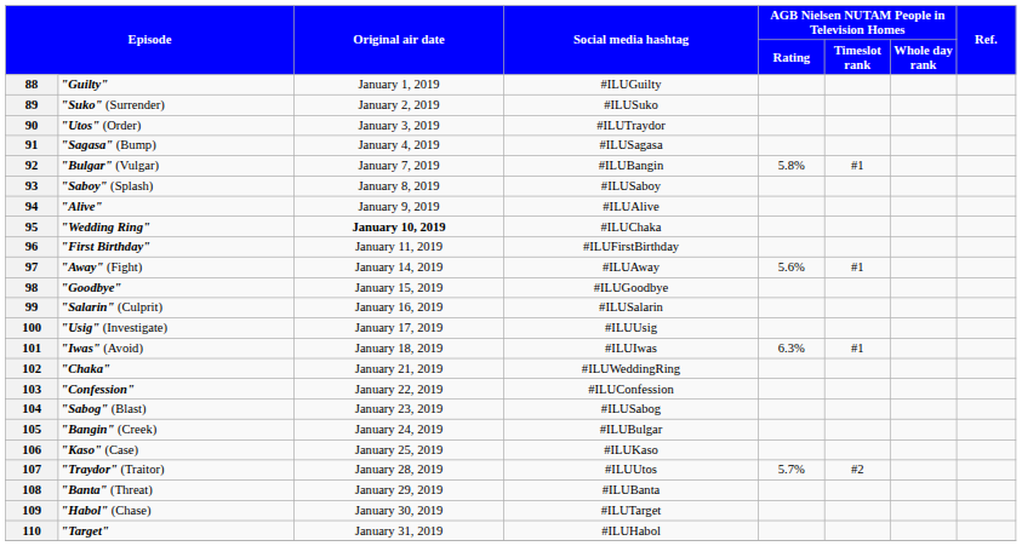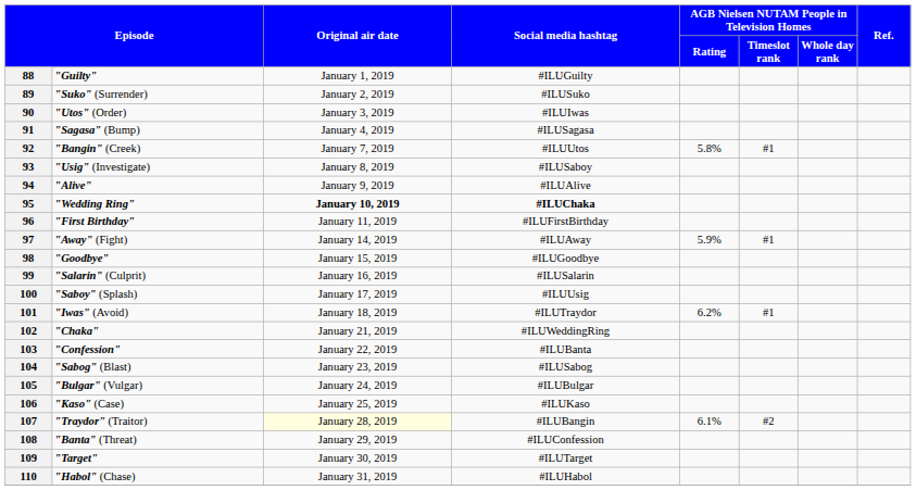 <table class="wikitable" style="text-align:center; font-size:100%; line-height:18px;" width="100%">
 <tr>
 <th style="background-color:#0000FF; color:white;" colspan="2" rowspan="2">Episode</th>
 <th style="background-color:#0000FF; color:white" rowspan="2">Original air date</th>
 <th style="background-color:#0000FF; color:white" rowspan="2">Social media hashtag</th>
 <th style="background-color:#0000FF; color:white;" colspan="3">AGB Nielsen NUTAM People in Television Homes</th>
 <th style="background-color:#0000FF;  color:white;" rowspan="2">Ref.</th>
 </tr>
 <tr>
 <th style="background-color:#0000FF; width:75px; color:white;">Rating</th>
 <th style="background-color:#0000FF;  width:75px; color:white;">Timeslot<br>rank</th>
 <th style="background-color:#0000FF; width:75px; color:white;">Whole day<br>rank</th>
 </tr>
 <tr>
 <th>88</th>
 <td style="text-align: left;"><strong><em>"Guilty"</em></strong></td>
 <td>January 1, 2019</td>
 <td>#ILUGuilty</td>
 <td></td>
 <td></td>
 <td></td>
 <td></td>
 </tr>
 <tr>
 <th>89</th>
 <td style="text-align: left;"><strong><em>"Suko"</em></strong> (Surrender)</td>
 <td>January 2, 2019</td>
 <td>#ILUSuko</td>
 <td></td>
 <td></td>
 <td></td>
 <td></td>
 </tr>
 <tr>
 <th>90</th>
 <td style="text-align: left;"><strong><em>"Utos"</em></strong> (Order)</td>
 <td>January 3, 2019</td>
-<td>#ILUTraydor</td>
+<td>#ILUIwas</td>
 <td></td>
 <td></td>
 <td></td>
 <td></td>
 </tr>
 <tr>
 <th>91</th>
 <td style="text-align: left;"><strong><em>"Sagasa"</em></strong> (Bump)</td>
 <td>January 4, 2019</td>
 <td>#ILUSagasa</td>
 <td></td>
 <td></td>
 <td></td>
 <td></td>
 </tr>
 <tr>
 <th>92</th>
-<td style="text-align: left;"><strong><em>"Bulgar"</em></strong> (Vulgar)</td>
+<td style="text-align: left;"><strong><em>"Bangin"</em></strong> (Creek)</td>
 <td>January 7, 2019</td>
-<td>#ILUBangin</td>
+<td>#ILUUtos</td>
 <td>5.8%</td>
 <td>#1</td>
 <td></td>
 <td></td>
 </tr>
 <tr>
 <th>93</th>
-<td style="text-align: left;"><strong><em>"Saboy"</em></strong> (Splash)</td>
+<td style="text-align: left;"><strong><em>"Usig"</em></strong> (Investigate)</td>
 <td>January 8, 2019</td>
 <td>#ILUSaboy</td>
 <td></td>
 <td></td>
 <td></td>
 <td></td>
 </tr>
 <tr>
 <th>94</th>
 <td style="text-align: left;"><strong><em>"Alive"</em></strong></td>
 <td>January 9, 2019</td>
 <td>#ILUAlive</td>
 <td></td>
 <td></td>
 <td></td>
 <td></td>
 </tr>
 <tr>
 <th>95</th>
 <td style="text-align: left;"><strong><em>"Wedding Ring"</em></strong></td>
 <td><strong>January 10, 2019</strong></td>
-<td>#ILUChaka</td>
+<td><strong>#ILUChaka</strong></td>
 <td></td>
 <td></td>
 <td></td>
 <td></td>
 </tr>
 <tr>
 <th>96</th>
 <td style="text-align: left;"><strong><em>"First Birthday"</em></strong></td>
 <td>January 11, 2019</td>
 <td>#ILUFirstBirthday</td>
 <td></td>
 <td></td>
 <td></td>
 <td></td>
 </tr>
 <tr>
 <th>97</th>
 <td style="text-align: left;"><strong><em>"Away"</em></strong> (Fight)</td>
 <td>January 14, 2019</td>
 <td>#ILUAway</td>
-<td>5.6%</td>
+<td>5.9%</td>
 <td>#1</td>
 <td></td>
 <td></td>
 </tr>
 <tr>
 <th>98</th>
 <td style="text-align: left;"><strong><em>"Goodbye"</em></strong></td>
 <td>January 15, 2019</td>
 <td>#ILUGoodbye</td>
 <td></td>
 <td></td>
 <td></td>
 <td></td>
 </tr>
 <tr>
 <th>99</th>
 <td style="text-align: left;"><strong><em>"Salarin"</em></strong> (Culprit)</td>
 <td>January 16, 2019</td>
 <td>#ILUSalarin</td>
 <td></td>
 <td></td>
 <td></td>
 <td></td>
 </tr>
 <tr>
 <th>100</th>
-<td style="text-align: left;"><strong><em>"Usig"</em></strong> (Investigate)</td>
+<td style="text-align: left;"><strong><em>"Saboy"</em></strong> (Splash)</td>
 <td>January 17, 2019</td>
 <td>#ILUUsig</td>
 <td></td>
 <td></td>
 <td></td>
 <td></td>
 </tr>
 <tr>
 <th>101</th>
 <td style="text-align: left;"><strong><em>"Iwas"</em></strong> (Avoid)</td>
 <td>January 18, 2019</td>
-<td>#ILUIwas</td>
-<td>6.3%</td>
+<td>#ILUTraydor</td>
+<td>6.2%</td>
 <td>#1</td>
 <td></td>
 <td></td>
 </tr>
 <tr>
 <th>102</th>
 <td style="text-align: left;"><strong><em>"Chaka"</em></strong></td>
 <td>January 21, 2019</td>
 <td>#ILUWeddingRing</td>
 <td></td>
 <td></td>
 <td></td>
 <td></td>
 </tr>
 <tr>
 <th>103</th>
 <td style="text-align: left;"><strong><em>"Confession"</em></strong></td>
 <td>January 22, 2019</td>
-<td>#ILUConfession</td>
+<td>#ILUBanta</td>
 <td></td>
 <td></td>
 <td></td>
 <td></td>
 </tr>
 <tr>
 <th>104</th>
 <td style="text-align: left;"><strong><em>"Sabog"</em></strong> (Blast)</td>
 <td>January 23, 2019</td>
 <td>#ILUSabog</td>
 <td></td>
 <td></td>
 <td></td>
 <td></td>
 </tr>
 <tr>
 <th>105</th>
-<td style="text-align: left;"><strong><em>"Bangin"</em></strong> (Creek)</td>
+<td style="text-align: left;"><strong><em>"Bulgar"</em></strong> (Vulgar)</td>
 <td>January 24, 2019</td>
 <td>#ILUBulgar</td>
 <td></td>
 <td></td>
 <td></td>
 <td></td>
 </tr>
 <tr>
 <th>106</th>
 <td style="text-align: left;"><strong><em>"Kaso"</em></strong> (Case)</td>
 <td>January 25, 2019</td>
 <td>#ILUKaso</td>
 <td></td>
 <td></td>
 <td></td>
 <td></td>
 </tr>
 <tr>
 <th>107</th>
 <td style="text-align: left;"><strong><em>"Traydor"</em></strong> (Traitor)</td>
-<td>January 28, 2019</td>
-<td>#ILUUtos</td>
-<td>5.7%</td>
+<td style="background: lightyellow;">January 28, 2019</td>
+<td>#ILUBangin</td>
+<td>6.1%</td>
 <td>#2</td>
 <td></td>
 <td></td>
 </tr>
 <tr>
 <th>108</th>
 <td style="text-align: left;"><strong><em>"Banta"</em></strong> (Threat)</td>
 <td>January 29, 2019</td>
-<td>#ILUBanta</td>
+<td>#ILUConfession</td>
 <td></td>
 <td></td>
 <td></td>
 <td></td>
 </tr>
 <tr>
 <th>109</th>
-<td style="text-align: left;"><strong><em>"Habol"</em></strong> (Chase)</td>
+<td style="text-align: left;"><strong><em>"Target"</em></strong></td>
 <td>January 30, 2019</td>
 <td>#ILUTarget</td>
 <td></td>
 <td></td>
 <td></td>
 <td></td>
 </tr>
 <tr>
 <th>110</th>
-<td style="text-align: left;"><strong><em>"Target"</em></strong></td>
+<td style="text-align: left;"><strong><em>"Habol"</em></strong> (Chase)</td>
 <td>January 31, 2019</td>
 <td>#ILUHabol</td>
 <td></td>
 <td></td>
 <td></td>
 <td></td>
 </tr>
 <tr>
 </tr>
 </table>
